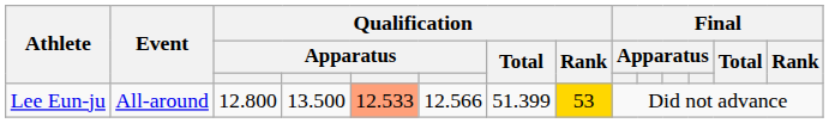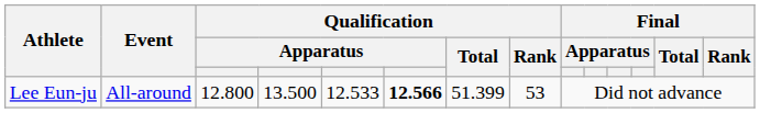 <table class="wikitable" style="font-size:90%">
 <tr>
 <th rowspan=3>Athlete</th>
 <th rowspan=3>Event</th>
 <th colspan=6>Qualification</th>
 <th colspan=6>Final</th>
 </tr>
 <tr style="font-size:95%">
 <th colspan=4>Apparatus</th>
 <th rowspan=2>Total</th>
 <th rowspan=2>Rank</th>
 <th colspan=4>Apparatus</th>
 <th rowspan=2>Total</th>
 <th rowspan=2>Rank</th>
 </tr>
 <tr style="font-size:95%">
 <th></th>
 <th></th>
 <th></th>
 <th></th>
 <th></th>
 <th></th>
 <th></th>
 <th></th>
 </tr>
 <tr align=center>
 <td align=left><a href='#'>Lee Eun-ju</a></td>
 <td align=left><a href='#'>All-around</a></td>
 <td>12.800</td>
 <td>13.500</td>
-<td style="background: lightsalmon;">12.533</td>
-<td>12.566</td>
+<td>12.533</td>
+<td><strong>12.566</strong></td>
 <td>51.399</td>
-<td style="background: gold;">53</td>
+<td>53</td>
 <td colspan=6>Did not advance</td>
 </tr>
 </table>
